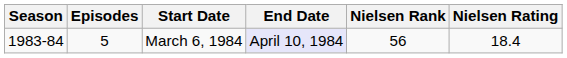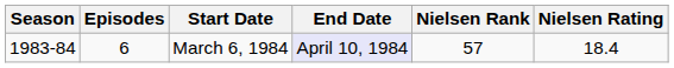 <table class="wikitable" style="text-align: center">
 <tr>
 <th>Season</th>
 <th>Episodes</th>
 <th>Start Date</th>
 <th>End Date</th>
 <th>Nielsen Rank</th>
 <th>Nielsen Rating</th>
 </tr>
 <tr>
 <td style="text-align:center">1983-84</td>
-<td style="text-align:center">5</td>
+<td style="text-align:center">6</td>
 <td style="text-align:center">March 6, 1984</td>
 <td style="background: lavender; text-align:center">April 10, 1984</td>
-<td style="text-align:center:">56</td>
+<td style="text-align:center:">57</td>
 <td style="text-align:center">18.4</td>
 </tr>
 </table>
